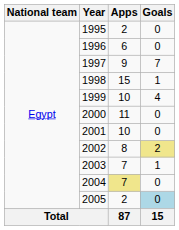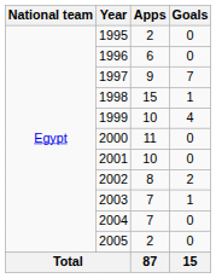 <table class="wikitable" style="text-align:center">
 <tr>
 <th>National team</th>
 <th>Year</th>
 <th>Apps</th>
 <th>Goals</th>
 </tr>
 <tr>
 <td rowspan="11"><a href='#'>Egypt</a></td>
 <td>1995</td>
 <td>2</td>
 <td>0</td>
 </tr>
 <tr>
 <td>1996</td>
 <td>6</td>
 <td>0</td>
 </tr>
 <tr>
 <td>1997</td>
 <td>9</td>
 <td>7</td>
 </tr>
 <tr>
 <td>1998</td>
 <td>15</td>
 <td>1</td>
 </tr>
 <tr>
 <td>1999</td>
 <td>10</td>
 <td>4</td>
 </tr>
 <tr>
 <td>2000</td>
 <td>11</td>
 <td>0</td>
 </tr>
 <tr>
 <td>2001</td>
 <td>10</td>
 <td>0</td>
 </tr>
 <tr>
 <td>2002</td>
 <td>8</td>
-<td style="background: khaki;">2</td>
+<td>2</td>
 </tr>
 <tr>
 <td>2003</td>
 <td>7</td>
 <td>1</td>
 </tr>
 <tr>
 <td>2004</td>
-<td style="background: khaki;">7</td>
+<td>7</td>
 <td>0</td>
 </tr>
 <tr>
 <td>2005</td>
 <td>2</td>
-<td style="background: lightblue;">0</td>
+<td>0</td>
 </tr>
 <tr>
 <th colspan="2">Total</th>
 <th>87</th>
 <th>15</th>
 </tr>
 </table>
